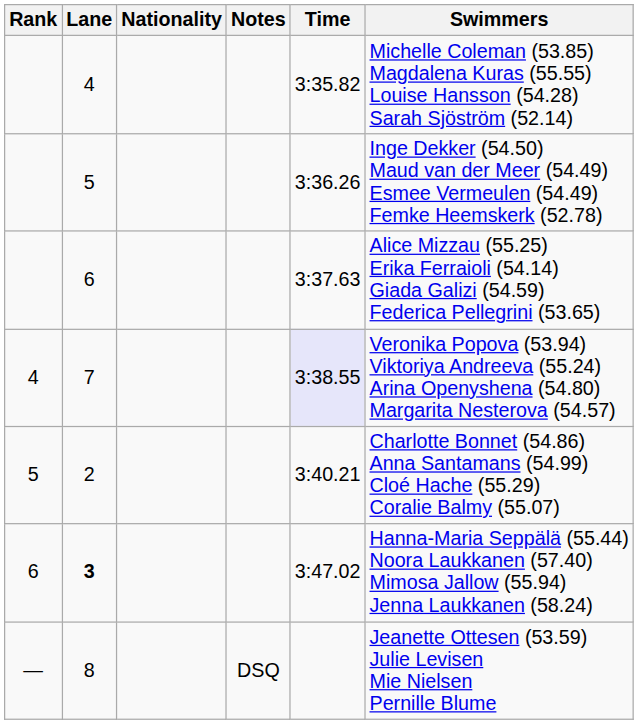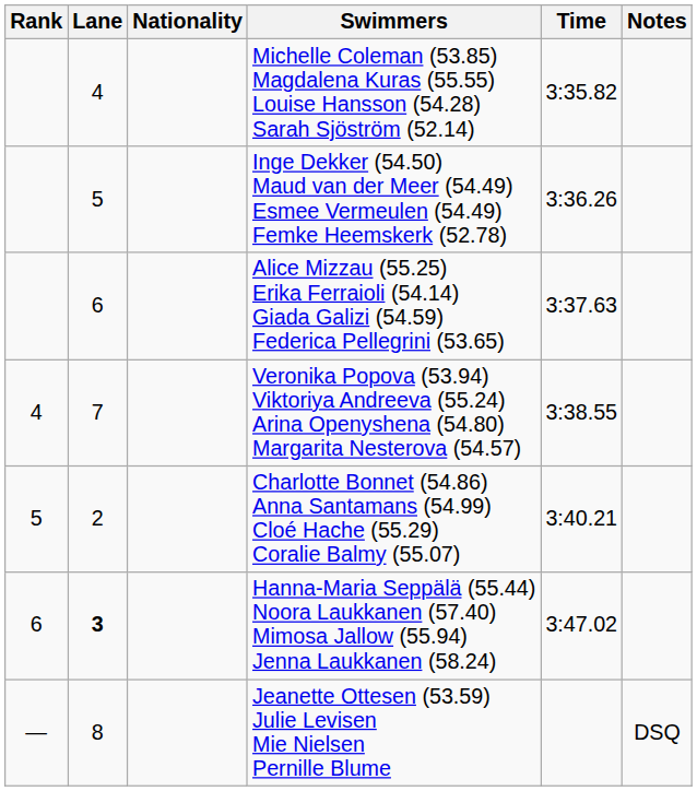 <table class="wikitable sortable" style="text-align:center">
 <tr>
 <th>Rank</th>
 <th>Lane</th>
 <th>Nationality</th>
+<th>Swimmers</th>
+<th>Time</th>
 <th>Notes</th>
-<th>Time</th>
-<th>Swimmers</th>
 </tr>
 <tr>
 <td></td>
 <td>4</td>
 <td align=left></td>
+<td align=left><a href='#'>Michelle Coleman</a> (53.85)<br><a href='#'>Magdalena Kuras</a> (55.55)<br><a href='#'>Louise Hansson</a> (54.28)<br><a href='#'>Sarah Sjöström</a> (52.14)</td>
+<td>3:35.82</td>
 <td></td>
-<td>3:35.82</td>
-<td align=left><a href='#'>Michelle Coleman</a> (53.85)<br><a href='#'>Magdalena Kuras</a> (55.55)<br><a href='#'>Louise Hansson</a> (54.28)<br><a href='#'>Sarah Sjöström</a> (52.14)</td>
 </tr>
 <tr>
 <td></td>
 <td>5</td>
 <td align=left></td>
+<td align=left><a href='#'>Inge Dekker</a> (54.50)<br><a href='#'>Maud van der Meer</a> (54.49)<br><a href='#'>Esmee Vermeulen</a> (54.49)<br><a href='#'>Femke Heemskerk</a> (52.78)</td>
+<td>3:36.26</td>
 <td></td>
-<td>3:36.26</td>
-<td align=left><a href='#'>Inge Dekker</a> (54.50)<br><a href='#'>Maud van der Meer</a> (54.49)<br><a href='#'>Esmee Vermeulen</a> (54.49)<br><a href='#'>Femke Heemskerk</a> (52.78)</td>
 </tr>
 <tr>
 <td></td>
 <td>6</td>
 <td align=left></td>
+<td align=left><a href='#'>Alice Mizzau</a> (55.25)<br><a href='#'>Erika Ferraioli</a> (54.14)<br><a href='#'>Giada Galizi</a> (54.59)<br><a href='#'>Federica Pellegrini</a> (53.65)</td>
+<td>3:37.63</td>
 <td></td>
-<td>3:37.63</td>
-<td align=left><a href='#'>Alice Mizzau</a> (55.25)<br><a href='#'>Erika Ferraioli</a> (54.14)<br><a href='#'>Giada Galizi</a> (54.59)<br><a href='#'>Federica Pellegrini</a> (53.65)</td>
 </tr>
 <tr>
 <td>4</td>
 <td>7</td>
 <td align=left></td>
+<td align=left><a href='#'>Veronika Popova</a> (53.94)<br><a href='#'>Viktoriya Andreeva</a> (55.24)<br><a href='#'>Arina Openyshena</a> (54.80)<br><a href='#'>Margarita Nesterova</a> (54.57)</td>
+<td>3:38.55</td>
 <td></td>
-<td style="background: lavender;">3:38.55</td>
-<td align=left><a href='#'>Veronika Popova</a> (53.94)<br><a href='#'>Viktoriya Andreeva</a> (55.24)<br><a href='#'>Arina Openyshena</a> (54.80)<br><a href='#'>Margarita Nesterova</a> (54.57)</td>
 </tr>
 <tr>
 <td>5</td>
 <td>2</td>
 <td align=left></td>
+<td align=left><a href='#'>Charlotte Bonnet</a> (54.86)<br><a href='#'>Anna Santamans</a> (54.99)<br><a href='#'>Cloé Hache</a> (55.29)<br><a href='#'>Coralie Balmy</a> (55.07)</td>
+<td>3:40.21</td>
 <td></td>
-<td>3:40.21</td>
-<td align=left><a href='#'>Charlotte Bonnet</a> (54.86)<br><a href='#'>Anna Santamans</a> (54.99)<br><a href='#'>Cloé Hache</a> (55.29)<br><a href='#'>Coralie Balmy</a> (55.07)</td>
 </tr>
 <tr>
 <td>6</td>
 <td><strong>3</strong></td>
 <td align=left></td>
+<td align=left><a href='#'>Hanna-Maria Seppälä</a> (55.44)<br><a href='#'>Noora Laukkanen</a> (57.40)<br><a href='#'>Mimosa Jallow</a> (55.94)<br><a href='#'>Jenna Laukkanen</a> (58.24)</td>
+<td>3:47.02</td>
 <td></td>
-<td>3:47.02</td>
-<td align=left><a href='#'>Hanna-Maria Seppälä</a> (55.44)<br><a href='#'>Noora Laukkanen</a> (57.40)<br><a href='#'>Mimosa Jallow</a> (55.94)<br><a href='#'>Jenna Laukkanen</a> (58.24)</td>
 </tr>
 <tr>
 <td>—</td>
 <td>8</td>
 <td align=left></td>
+<td align=left><a href='#'>Jeanette Ottesen</a> (53.59)<br><a href='#'>Julie Levisen</a><br><a href='#'>Mie Nielsen</a><br><a href='#'>Pernille Blume</a></td>
+<td></td>
 <td>DSQ</td>
-<td></td>
-<td align=left><a href='#'>Jeanette Ottesen</a> (53.59)<br><a href='#'>Julie Levisen</a><br><a href='#'>Mie Nielsen</a><br><a href='#'>Pernille Blume</a></td>
 </tr>
 </table>
